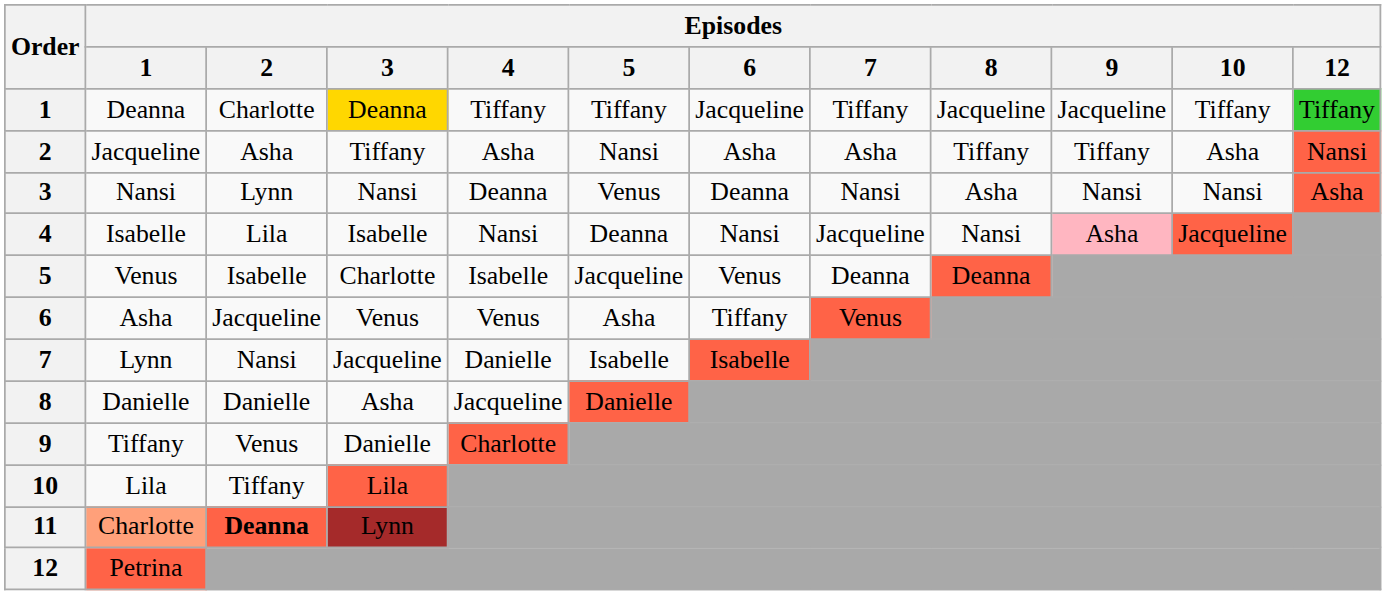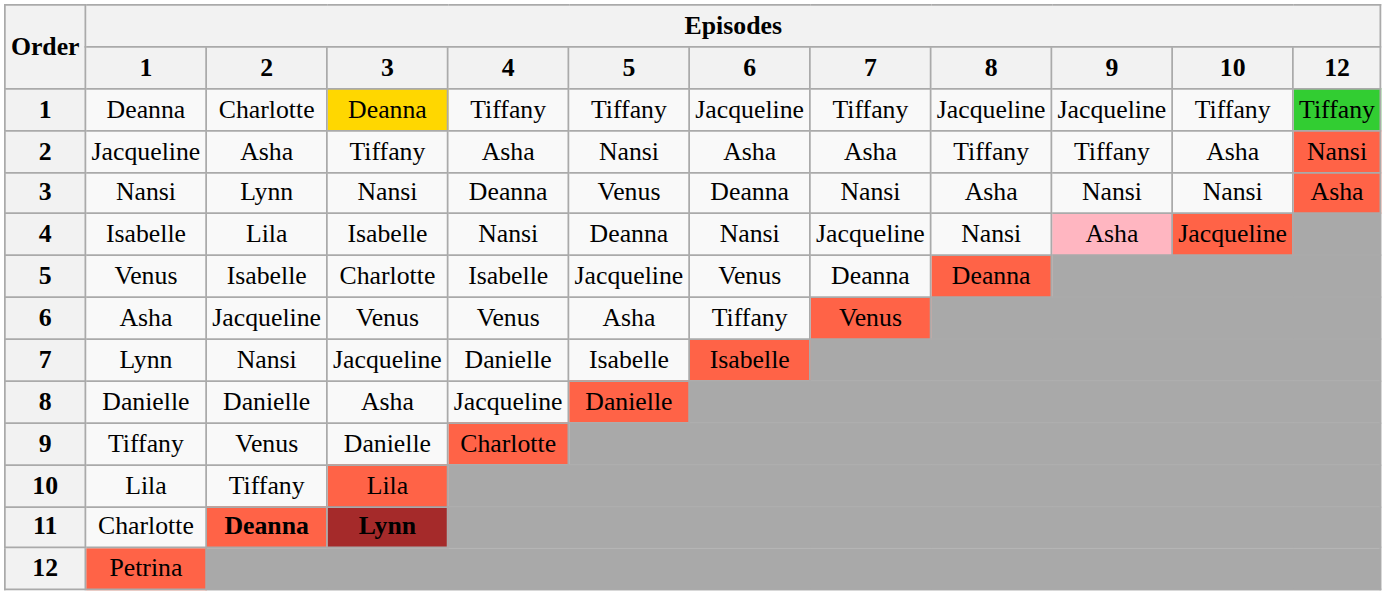 <table class="wikitable" style="text-align:center; font-size:92%">
 <tr>
 <th rowspan=2>Order</th>
 <th colspan=11>Episodes</th>
 </tr>
 <tr>
 <th>1</th>
 <th>2</th>
 <th>3</th>
 <th>4</th>
 <th>5</th>
 <th>6</th>
 <th>7</th>
 <th>8</th>
 <th>9</th>
 <th>10</th>
 <th>12</th>
 </tr>
 <tr>
 <th>1</th>
 <td>Deanna</td>
 <td>Charlotte</td>
 <td bgcolor=gold>Deanna</td>
 <td>Tiffany</td>
 <td>Tiffany</td>
 <td>Jacqueline</td>
 <td>Tiffany</td>
 <td>Jacqueline</td>
 <td>Jacqueline</td>
 <td>Tiffany</td>
 <td style="background:limegreen;">Tiffany</td>
 </tr>
 <tr>
 <th>2</th>
 <td>Jacqueline</td>
 <td>Asha</td>
 <td>Tiffany</td>
 <td>Asha</td>
 <td>Nansi</td>
 <td>Asha</td>
 <td>Asha</td>
 <td>Tiffany</td>
 <td>Tiffany</td>
 <td>Asha</td>
 <td style="background:tomato;">Nansi</td>
 </tr>
 <tr>
 <th>3</th>
 <td>Nansi</td>
 <td>Lynn</td>
 <td>Nansi</td>
 <td>Deanna</td>
 <td>Venus</td>
 <td>Deanna</td>
 <td>Nansi</td>
 <td>Asha</td>
 <td>Nansi</td>
 <td>Nansi</td>
 <td style="background:tomato;">Asha</td>
 </tr>
 <tr>
 <th>4</th>
 <td>Isabelle</td>
 <td>Lila</td>
 <td>Isabelle</td>
 <td>Nansi</td>
 <td>Deanna</td>
 <td>Nansi</td>
 <td>Jacqueline</td>
 <td>Nansi</td>
 <td bgcolor="lightpink">Asha</td>
 <td style="background:tomato;">Jacqueline</td>
 <td style="background:darkgrey;" colspan="3"></td>
 </tr>
 <tr>
 <th>5</th>
 <td>Venus</td>
 <td>Isabelle</td>
 <td>Charlotte</td>
 <td>Isabelle</td>
 <td>Jacqueline</td>
 <td>Venus</td>
 <td>Deanna</td>
 <td style="background:tomato;">Deanna</td>
 <td style="background:darkgrey;" colspan="3"></td>
 </tr>
 <tr>
 <th>6</th>
 <td>Asha</td>
 <td>Jacqueline</td>
 <td>Venus</td>
 <td>Venus</td>
 <td>Asha</td>
 <td>Tiffany</td>
 <td style="background:tomato;">Venus</td>
 <td style="background:darkgrey;" colspan="4"></td>
 </tr>
 <tr>
 <th>7</th>
 <td>Lynn</td>
 <td>Nansi</td>
 <td>Jacqueline</td>
 <td>Danielle</td>
 <td>Isabelle</td>
 <td style="background:tomato;">Isabelle</td>
 <td style="background:darkgrey;" colspan="5"></td>
 </tr>
 <tr>
 <th>8</th>
 <td>Danielle</td>
 <td>Danielle</td>
 <td>Asha</td>
 <td>Jacqueline</td>
 <td style="background:tomato;">Danielle</td>
 <td style="background:darkgrey;" colspan="6"></td>
 </tr>
 <tr>
 <th>9</th>
 <td>Tiffany</td>
 <td>Venus</td>
 <td>Danielle</td>
 <td style="background:tomato;">Charlotte</td>
 <td style="background:darkgrey;" colspan="7"></td>
 </tr>
 <tr>
 <th>10</th>
 <td>Lila</td>
 <td>Tiffany</td>
 <td style="background:tomato;">Lila</td>
 <td style="background:darkgrey;" colspan="8"></td>
 </tr>
 <tr>
 <th>11</th>
-<td style="background: lightsalmon;">Charlotte</td>
+<td>Charlotte</td>
 <td style="background:tomato;"><strong>Deanna</strong></td>
-<td bgcolor="brown"><span>Lynn</span></td>
+<td bgcolor="brown"><strong><span>Lynn</span></strong></td>
 <td style="background:darkgrey;" colspan="9"></td>
 </tr>
 <tr>
 <th>12</th>
 <td style="background:tomato;">Petrina</td>
 <td style="background:darkgrey;" colspan="10"></td>
 </tr>
 </table>
